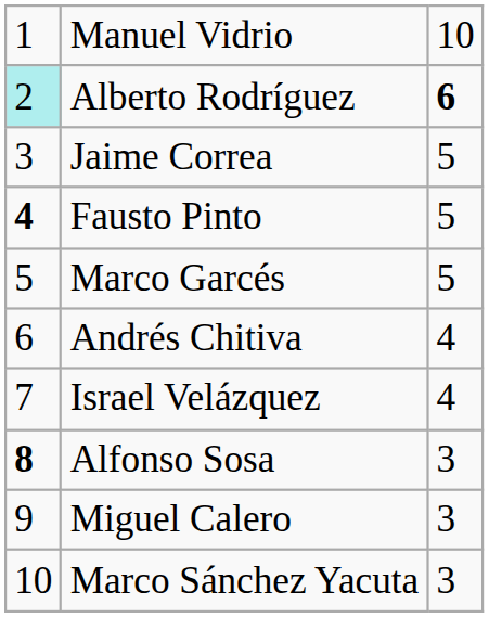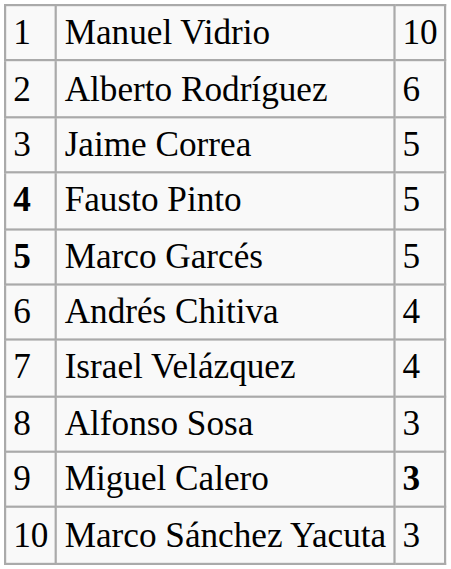 <table class="wikitable" border="1">
 <tr>
 <td>1</td>
 <td>Manuel Vidrio</td>
 <td>10</td>
 </tr>
 <tr>
-<td style="background: paleturquoise;">2</td>
+<td>2</td>
 <td>Alberto Rodríguez</td>
-<td><strong>6</strong></td>
+<td>6</td>
 </tr>
 <tr>
 <td>3</td>
 <td>Jaime Correa</td>
 <td>5</td>
 </tr>
 <tr>
 <td><strong>4</strong></td>
 <td>Fausto Pinto</td>
 <td>5</td>
 </tr>
 <tr>
-<td>5</td>
+<td><strong>5</strong></td>
 <td>Marco Garcés</td>
 <td>5</td>
 </tr>
 <tr>
 <td>6</td>
 <td>Andrés Chitiva</td>
 <td>4</td>
 </tr>
 <tr>
 <td>7</td>
 <td>Israel Velázquez</td>
 <td>4</td>
 </tr>
 <tr>
-<td><strong>8</strong></td>
+<td>8</td>
 <td>Alfonso Sosa</td>
 <td>3</td>
 </tr>
 <tr>
 <td>9</td>
 <td>Miguel Calero</td>
-<td>3</td>
+<td><strong>3</strong></td>
 </tr>
 <tr>
 <td>10</td>
 <td>Marco Sánchez Yacuta</td>
 <td>3</td>
 </tr>
 </table>
